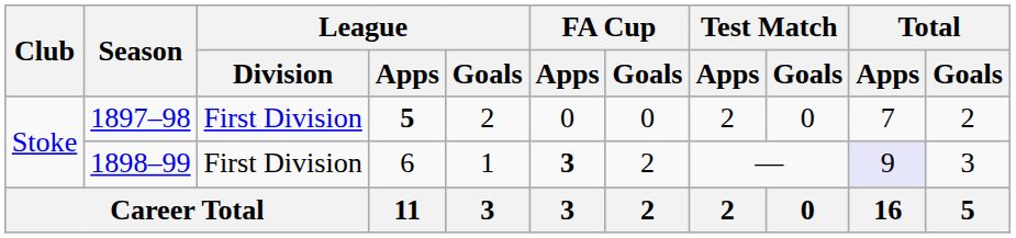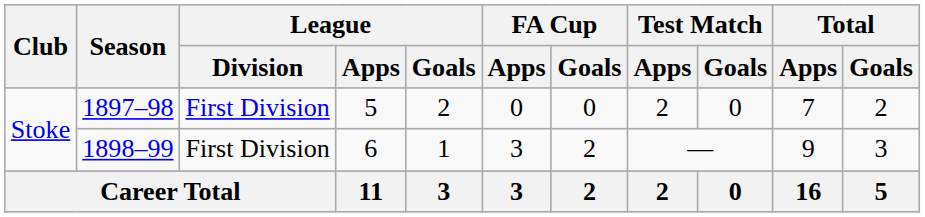 <table class="wikitable" style="text-align: center;">
 <tr>
 <th rowspan="2">Club</th>
 <th rowspan="2">Season</th>
 <th colspan="3">League</th>
 <th colspan="2">FA Cup</th>
 <th colspan="2">Test Match</th>
 <th colspan="2">Total</th>
 </tr>
 <tr>
 <th>Division</th>
 <th>Apps</th>
 <th>Goals</th>
 <th>Apps</th>
 <th>Goals</th>
 <th>Apps</th>
 <th>Goals</th>
 <th>Apps</th>
 <th>Goals</th>
 </tr>
 <tr>
 <td rowspan="2"><a href='#'>Stoke</a></td>
 <td><a href='#'>1897–98</a></td>
 <td><a href='#'>First Division</a></td>
-<td><strong>5</strong></td>
+<td>5</td>
 <td>2</td>
 <td>0</td>
 <td>0</td>
 <td>2</td>
 <td>0</td>
 <td>7</td>
 <td>2</td>
 </tr>
 <tr>
 <td><a href='#'>1898–99</a></td>
 <td>First Division</td>
 <td>6</td>
 <td>1</td>
-<td><strong>3</strong></td>
+<td>3</td>
 <td>2</td>
 <td colspan=2>—</td>
-<td style="background: lavender;">9</td>
+<td>9</td>
 <td>3</td>
 </tr>
 <tr>
 <th colspan="3">Career Total</th>
 <th>11</th>
 <th>3</th>
 <th>3</th>
 <th>2</th>
 <th>2</th>
 <th>0</th>
 <th>16</th>
 <th>5</th>
 </tr>
 </table>
